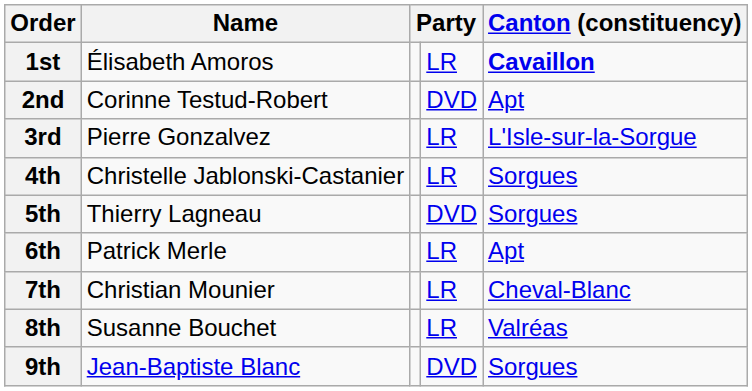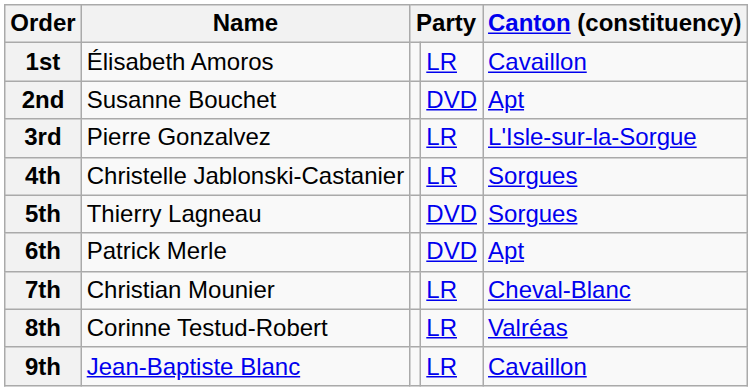 <table class="wikitable">
 <tr>
 <th>Order</th>
 <th>Name</th>
 <th colspan="2">Party</th>
 <th><a href='#'>Canton</a> (constituency)</th>
 </tr>
 <tr>
 <th>1st</th>
 <td>Élisabeth Amoros</td>
 <td style="color:inherit;background:"></td>
 <td><a href='#'>LR</a></td>
-<td><strong><a href='#'>Cavaillon</a></strong></td>
+<td><a href='#'>Cavaillon</a></td>
 </tr>
 <tr>
 <th>2nd</th>
-<td>Corinne Testud-Robert</td>
+<td>Susanne Bouchet</td>
 <td style="color:inherit;background:"></td>
 <td><a href='#'>DVD</a></td>
 <td><a href='#'>Apt</a></td>
 </tr>
 <tr>
 <th>3rd</th>
 <td>Pierre Gonzalvez</td>
 <td style="color:inherit;background:"></td>
 <td><a href='#'>LR</a></td>
 <td><a href='#'>L'Isle-sur-la-Sorgue</a></td>
 </tr>
 <tr>
 <th>4th</th>
 <td>Christelle Jablonski-Castanier</td>
 <td style="color:inherit;background:"></td>
 <td><a href='#'>LR</a></td>
 <td><a href='#'>Sorgues</a></td>
 </tr>
 <tr>
 <th>5th</th>
 <td>Thierry Lagneau</td>
 <td style="color:inherit;background:"></td>
 <td><a href='#'>DVD</a></td>
 <td><a href='#'>Sorgues</a></td>
 </tr>
 <tr>
 <th>6th</th>
 <td>Patrick Merle</td>
 <td style="color:inherit;background:"></td>
-<td><a href='#'>LR</a></td>
+<td><a href='#'>DVD</a></td>
 <td><a href='#'>Apt</a></td>
 </tr>
 <tr>
 <th>7th</th>
 <td>Christian Mounier</td>
 <td style="color:inherit;background:"></td>
 <td><a href='#'>LR</a></td>
 <td><a href='#'>Cheval-Blanc</a></td>
 </tr>
 <tr>
 <th>8th</th>
-<td>Susanne Bouchet</td>
+<td>Corinne Testud-Robert</td>
 <td style="color:inherit;background:"></td>
 <td><a href='#'>LR</a></td>
 <td><a href='#'>Valréas</a></td>
 </tr>
 <tr>
 <th>9th</th>
 <td><a href='#'>Jean-Baptiste Blanc</a></td>
 <td style="color:inherit;background:"></td>
-<td><a href='#'>DVD</a></td>
-<td><a href='#'>Sorgues</a></td>
+<td><a href='#'>LR</a></td>
+<td><a href='#'>Cavaillon</a></td>
 </tr>
 </table>
